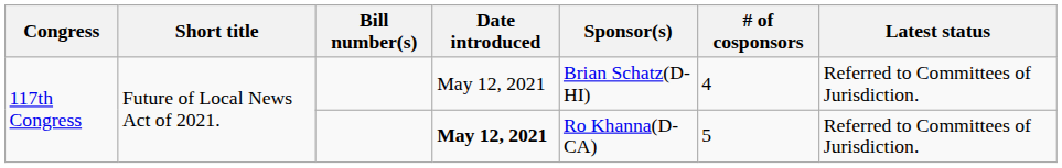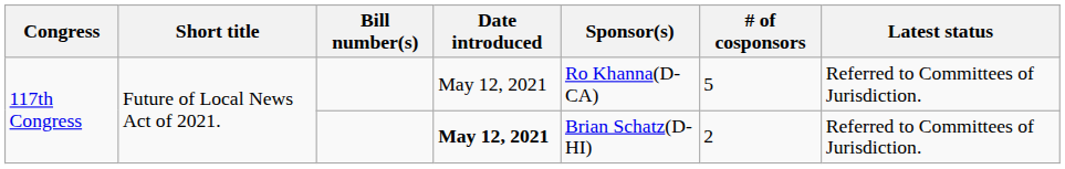 <table class="wikitable">
 <tr>
 <th>Congress</th>
 <th>Short title</th>
 <th>Bill number(s)</th>
 <th>Date introduced</th>
 <th>Sponsor(s)</th>
 <th># of cosponsors</th>
 <th>Latest status</th>
 </tr>
 <tr>
 <td rowspan="2"><a href='#'>117th Congress</a></td>
 <td rowspan="2">Future of Local News Act of 2021.</td>
 <td></td>
 <td>May 12, 2021</td>
-<td><a href='#'>Brian Schatz</a>(D-HI)</td>
-<td>4</td>
+<td><a href='#'>Ro Khanna</a>(D-CA)</td>
+<td>5</td>
 <td>Referred to Committees of Jurisdiction.</td>
 </tr>
 <tr>
 <td></td>
 <td><strong>May 12, 2021</strong></td>
-<td><a href='#'>Ro Khanna</a>(D-CA)</td>
-<td>5</td>
+<td><a href='#'>Brian Schatz</a>(D-HI)</td>
+<td>2</td>
 <td>Referred to Committees of Jurisdiction.</td>
 </tr>
 </table>
